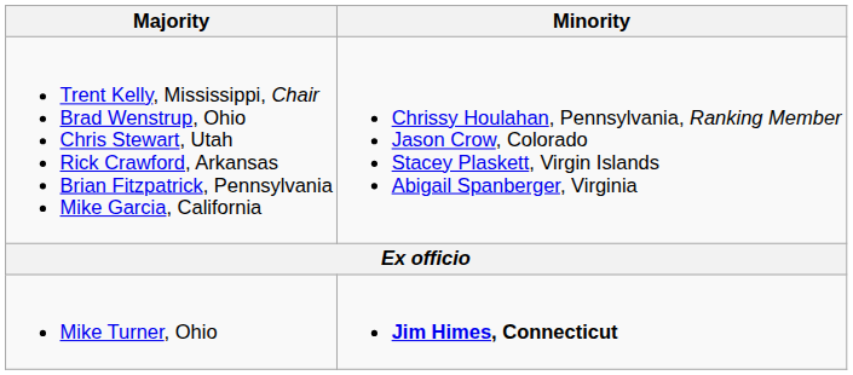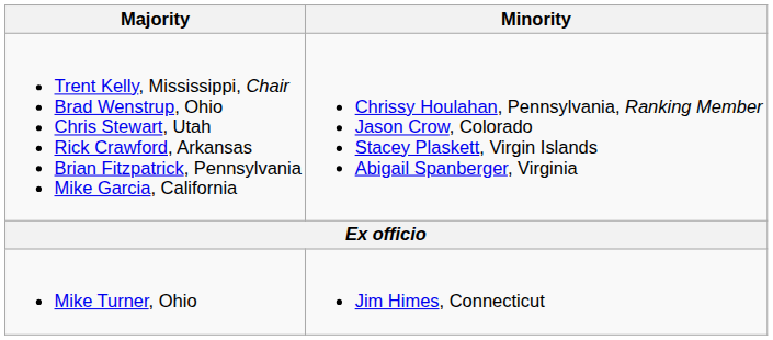 <table class=wikitable>
 <tr>
 <th>Majority</th>
 <th>Minority</th>
 </tr>
 <tr>
 <td><br><ul><li><a href='#'>Trent Kelly</a>, Mississippi, <em>Chair</em></li><li><a href='#'>Brad Wenstrup</a>, Ohio</li><li><a href='#'>Chris Stewart</a>, Utah</li><li><a href='#'>Rick Crawford</a>, Arkansas</li><li><a href='#'>Brian Fitzpatrick</a>, Pennsylvania</li><li><a href='#'>Mike Garcia</a>, California</li></ul></td>
 <td><br><ul><li><a href='#'>Chrissy Houlahan</a>, Pennsylvania, <em>Ranking Member</em></li><li><a href='#'>Jason Crow</a>, Colorado</li><li><a href='#'>Stacey Plaskett</a>, Virgin Islands</li><li><a href='#'>Abigail Spanberger</a>, Virginia</li></ul></td>
 </tr>
 <tr>
 <th colspan=2><em>Ex officio</em></th>
 </tr>
 <tr>
 <td><br><ul><li><a href='#'>Mike Turner</a>, Ohio</li></ul></td>
-<td><strong><br><ul><li><a href='#'>Jim Himes</a>, Connecticut</li></ul></strong></td>
+<td><br><ul><li><a href='#'>Jim Himes</a>, Connecticut</li></ul></td>
 </tr>
 </table>
